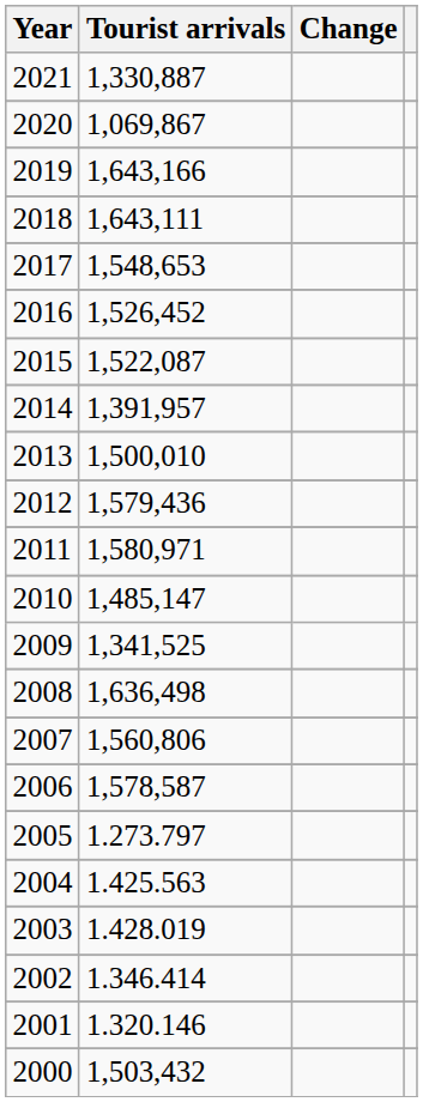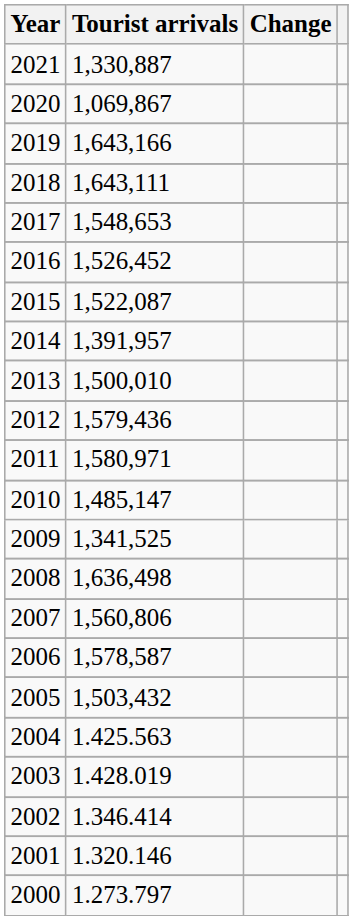 <table class="wikitable sortable">
 <tr>
 <th>Year</th>
 <th>Tourist arrivals</th>
 <th>Change</th>
 <th></th>
 </tr>
 <tr>
 <td>2021</td>
 <td>1,330,887</td>
 <td></td>
 <td></td>
 </tr>
 <tr>
 </tr>
 <tr>
 </tr>
 <tr>
 <td>2020</td>
 <td>1,069,867</td>
 <td></td>
 <td></td>
 </tr>
 <tr>
 </tr>
 <tr>
 <td>2019</td>
 <td>1,643,166</td>
 <td></td>
 <td></td>
 </tr>
 <tr>
 </tr>
 <tr>
 <td>2018</td>
 <td>1,643,111</td>
 <td></td>
 <td></td>
 </tr>
 <tr>
 </tr>
 <tr>
 <td>2017</td>
 <td>1,548,653</td>
 <td></td>
 <td></td>
 </tr>
 <tr>
 </tr>
 <tr>
 <td>2016</td>
 <td>1,526,452</td>
 <td></td>
 <td></td>
 </tr>
 <tr>
 </tr>
 <tr>
 <td>2015</td>
 <td>1,522,087</td>
 <td></td>
 <td></td>
 </tr>
 <tr>
 </tr>
 <tr>
 <td>2014</td>
 <td>1,391,957</td>
 <td></td>
 <td></td>
 </tr>
 <tr>
 </tr>
 <tr>
 <td>2013</td>
 <td>1,500,010</td>
 <td></td>
 <td></td>
 </tr>
 <tr>
 </tr>
 <tr>
 <td>2012</td>
 <td>1,579,436</td>
 <td></td>
 <td></td>
 </tr>
 <tr>
 </tr>
 <tr>
 <td>2011</td>
 <td>1,580,971</td>
 <td></td>
 <td></td>
 </tr>
 <tr>
 </tr>
 <tr>
 <td>2010</td>
 <td>1,485,147</td>
 <td></td>
 <td></td>
 </tr>
 <tr>
 <td>2009</td>
 <td>1,341,525</td>
 <td></td>
 <td></td>
 </tr>
 <tr>
 </tr>
 <tr>
 <td>2008</td>
 <td>1,636,498</td>
 <td></td>
 <td></td>
 </tr>
 <tr>
 </tr>
 <tr>
 <td>2007</td>
 <td>1,560,806</td>
 <td></td>
 <td></td>
 </tr>
 <tr>
 </tr>
 <tr>
 <td>2006</td>
 <td>1,578,587</td>
 <td></td>
 <td></td>
 </tr>
 <tr>
 </tr>
 <tr>
 <td>2005</td>
-<td>1.273.797</td>
+<td>1,503,432</td>
 <td></td>
 <td></td>
 </tr>
 <tr>
 </tr>
 <tr>
 <td>2004</td>
 <td>1.425.563</td>
 <td></td>
 <td></td>
 </tr>
 <tr>
 </tr>
 <tr>
 <td>2003</td>
 <td>1.428.019</td>
 <td></td>
 <td></td>
 </tr>
 <tr>
 </tr>
 <tr>
 <td>2002</td>
 <td>1.346.414</td>
 <td></td>
 <td></td>
 </tr>
 <tr>
 </tr>
 <tr>
 <td>2001</td>
 <td>1.320.146</td>
 <td></td>
 <td></td>
 </tr>
 <tr>
 </tr>
 <tr>
 <td>2000</td>
-<td>1,503,432</td>
+<td>1.273.797</td>
 <td></td>
 <td></td>
 </tr>
 <tr>
 </tr>
 </table>
